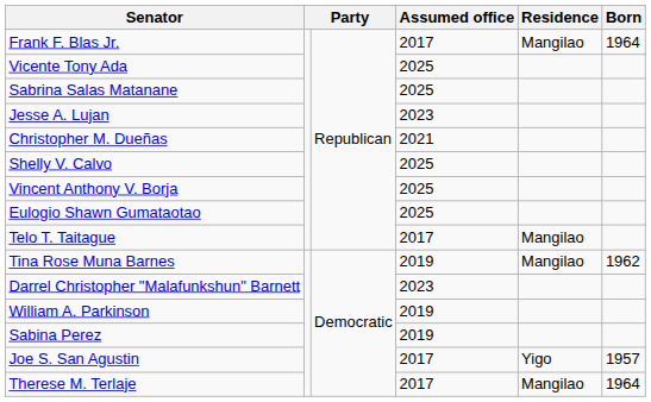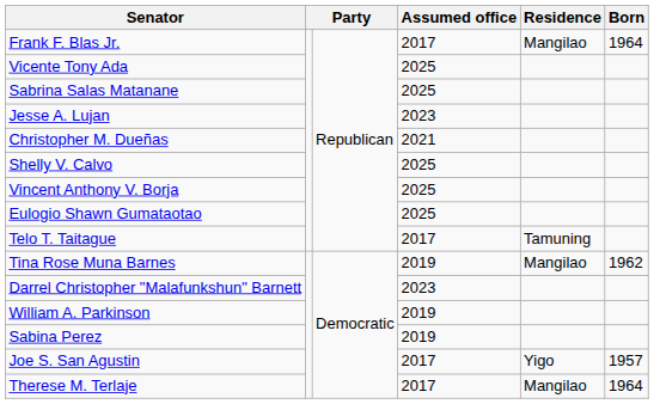 <table class="wikitable sortable" id="votingmembers">
 <tr>
 <th>Senator</th>
 <th colspan="2">Party</th>
 <th>Assumed office</th>
 <th>Residence</th>
 <th>Born</th>
 </tr>
 <tr>
 <td><a href='#'>Frank F. Blas Jr.</a></td>
 <td rowspan="9" style="background-color:"></td>
 <td rowspan="9">Republican</td>
 <td>2017</td>
 <td>Mangilao</td>
 <td>1964</td>
 </tr>
 <tr>
 <td><a href='#'>Vicente Tony Ada</a></td>
 <td>2025</td>
 <td></td>
 <td></td>
 </tr>
 <tr>
 <td><a href='#'>Sabrina Salas Matanane</a></td>
 <td>2025</td>
 <td></td>
 <td></td>
 </tr>
 <tr>
 <td><a href='#'>Jesse A. Lujan</a></td>
 <td>2023</td>
 <td></td>
 <td></td>
 </tr>
 <tr>
 <td><a href='#'>Christopher M. Dueñas</a></td>
 <td>2021</td>
 <td></td>
 <td></td>
 </tr>
 <tr>
 <td><a href='#'>Shelly V. Calvo</a></td>
 <td>2025</td>
 <td></td>
 <td></td>
 </tr>
 <tr>
 <td><a href='#'>Vincent Anthony V. Borja</a></td>
 <td>2025</td>
 <td></td>
 <td></td>
 </tr>
 <tr>
 <td><a href='#'>Eulogio Shawn Gumataotao</a></td>
 <td>2025</td>
 <td></td>
 <td></td>
 </tr>
 <tr>
 <td><a href='#'>Telo T. Taitague</a></td>
 <td>2017</td>
-<td>Mangilao</td>
+<td>Tamuning</td>
 <td></td>
 </tr>
 <tr>
 <td><a href='#'>Tina Rose Muna Barnes</a></td>
 <td rowspan="6" style="background-color:"></td>
 <td rowspan="6">Democratic</td>
 <td>2019</td>
 <td>Mangilao</td>
 <td>1962</td>
 </tr>
 <tr>
 <td><a href='#'>Darrel Christopher "Malafunkshun" Barnett</a></td>
 <td>2023</td>
 <td></td>
 <td></td>
 </tr>
 <tr>
 <td><a href='#'>William A. Parkinson</a></td>
 <td>2019</td>
 <td></td>
 <td></td>
 </tr>
 <tr>
 <td><a href='#'>Sabina Perez</a></td>
 <td>2019</td>
 <td></td>
 <td></td>
 </tr>
 <tr>
 <td><a href='#'>Joe S. San Agustin</a></td>
 <td>2017</td>
 <td>Yigo</td>
 <td>1957</td>
 </tr>
 <tr>
 <td><a href='#'>Therese M. Terlaje</a></td>
 <td>2017</td>
 <td>Mangilao</td>
 <td>1964</td>
 </tr>
 </table>
